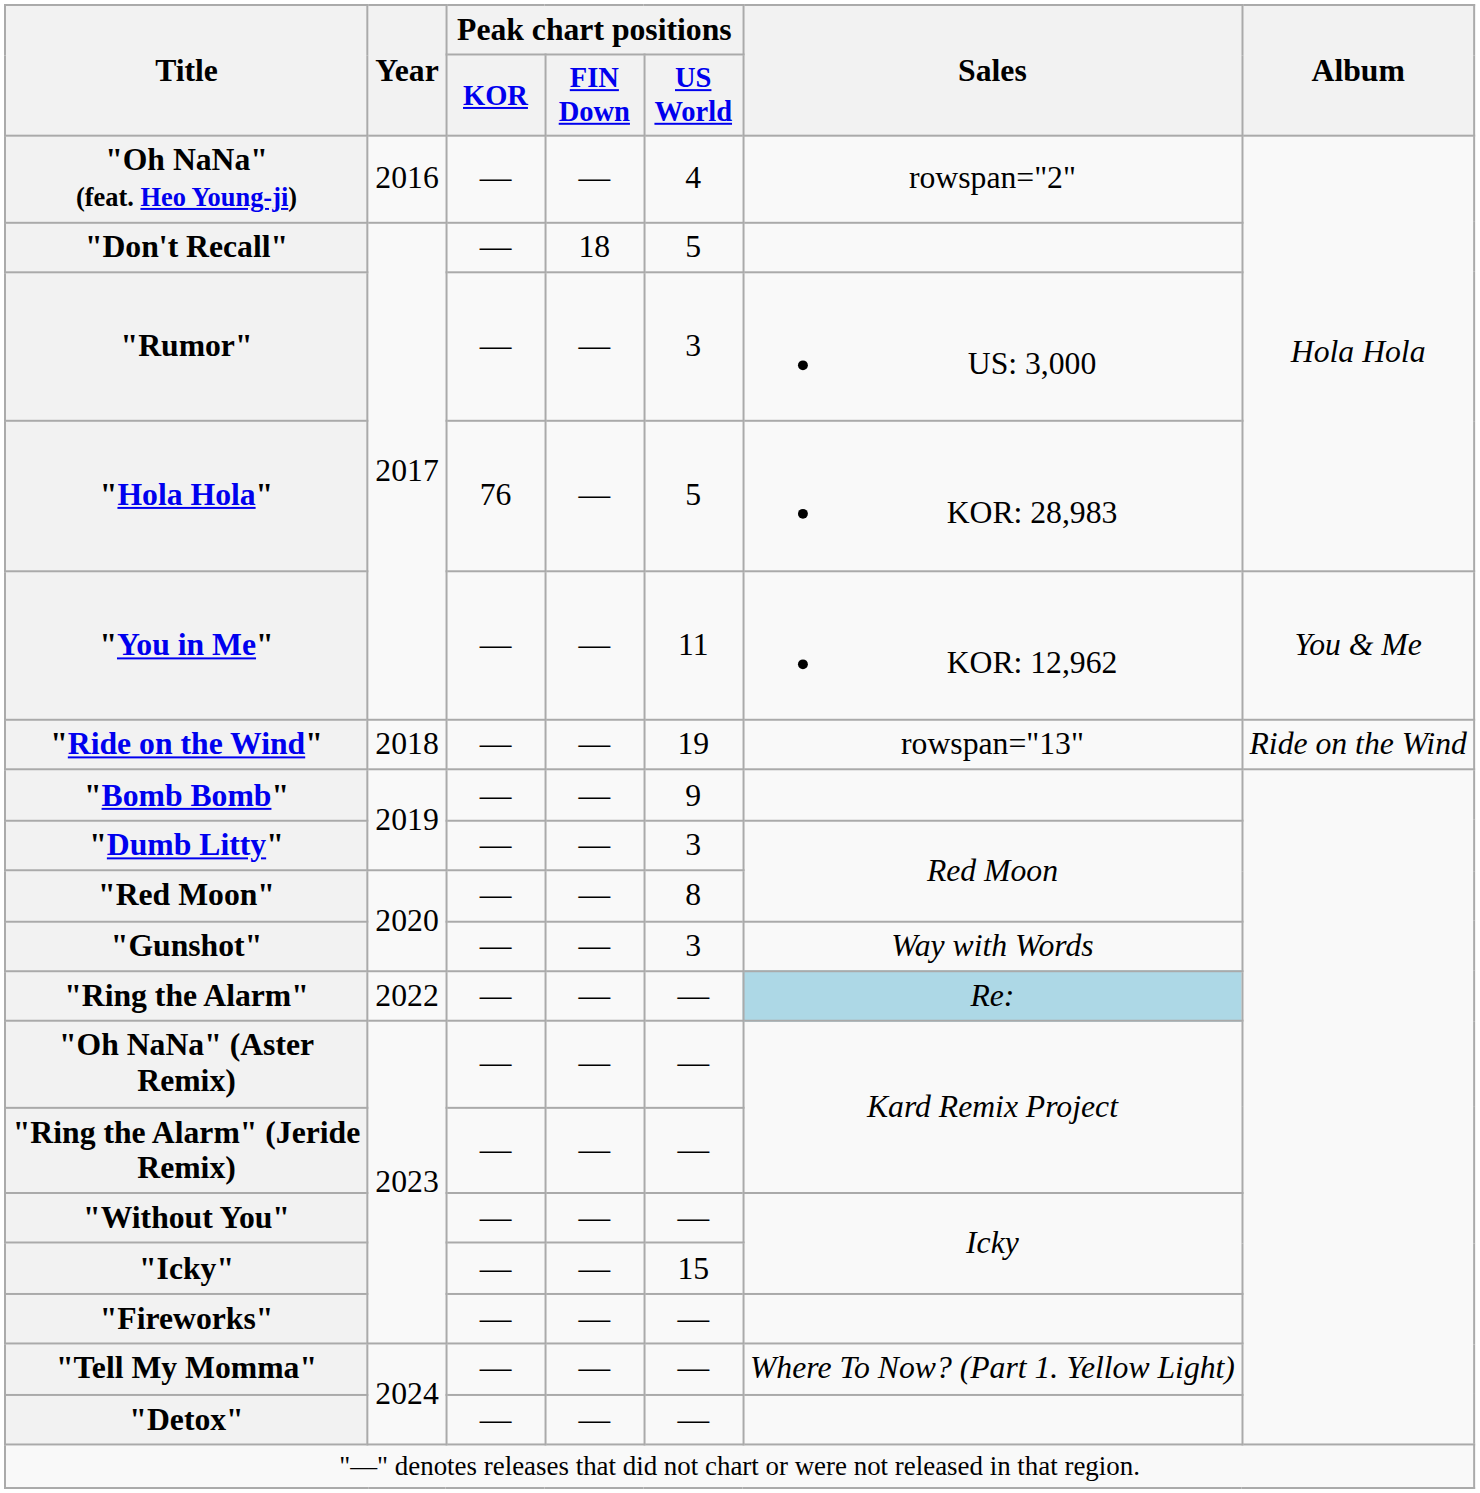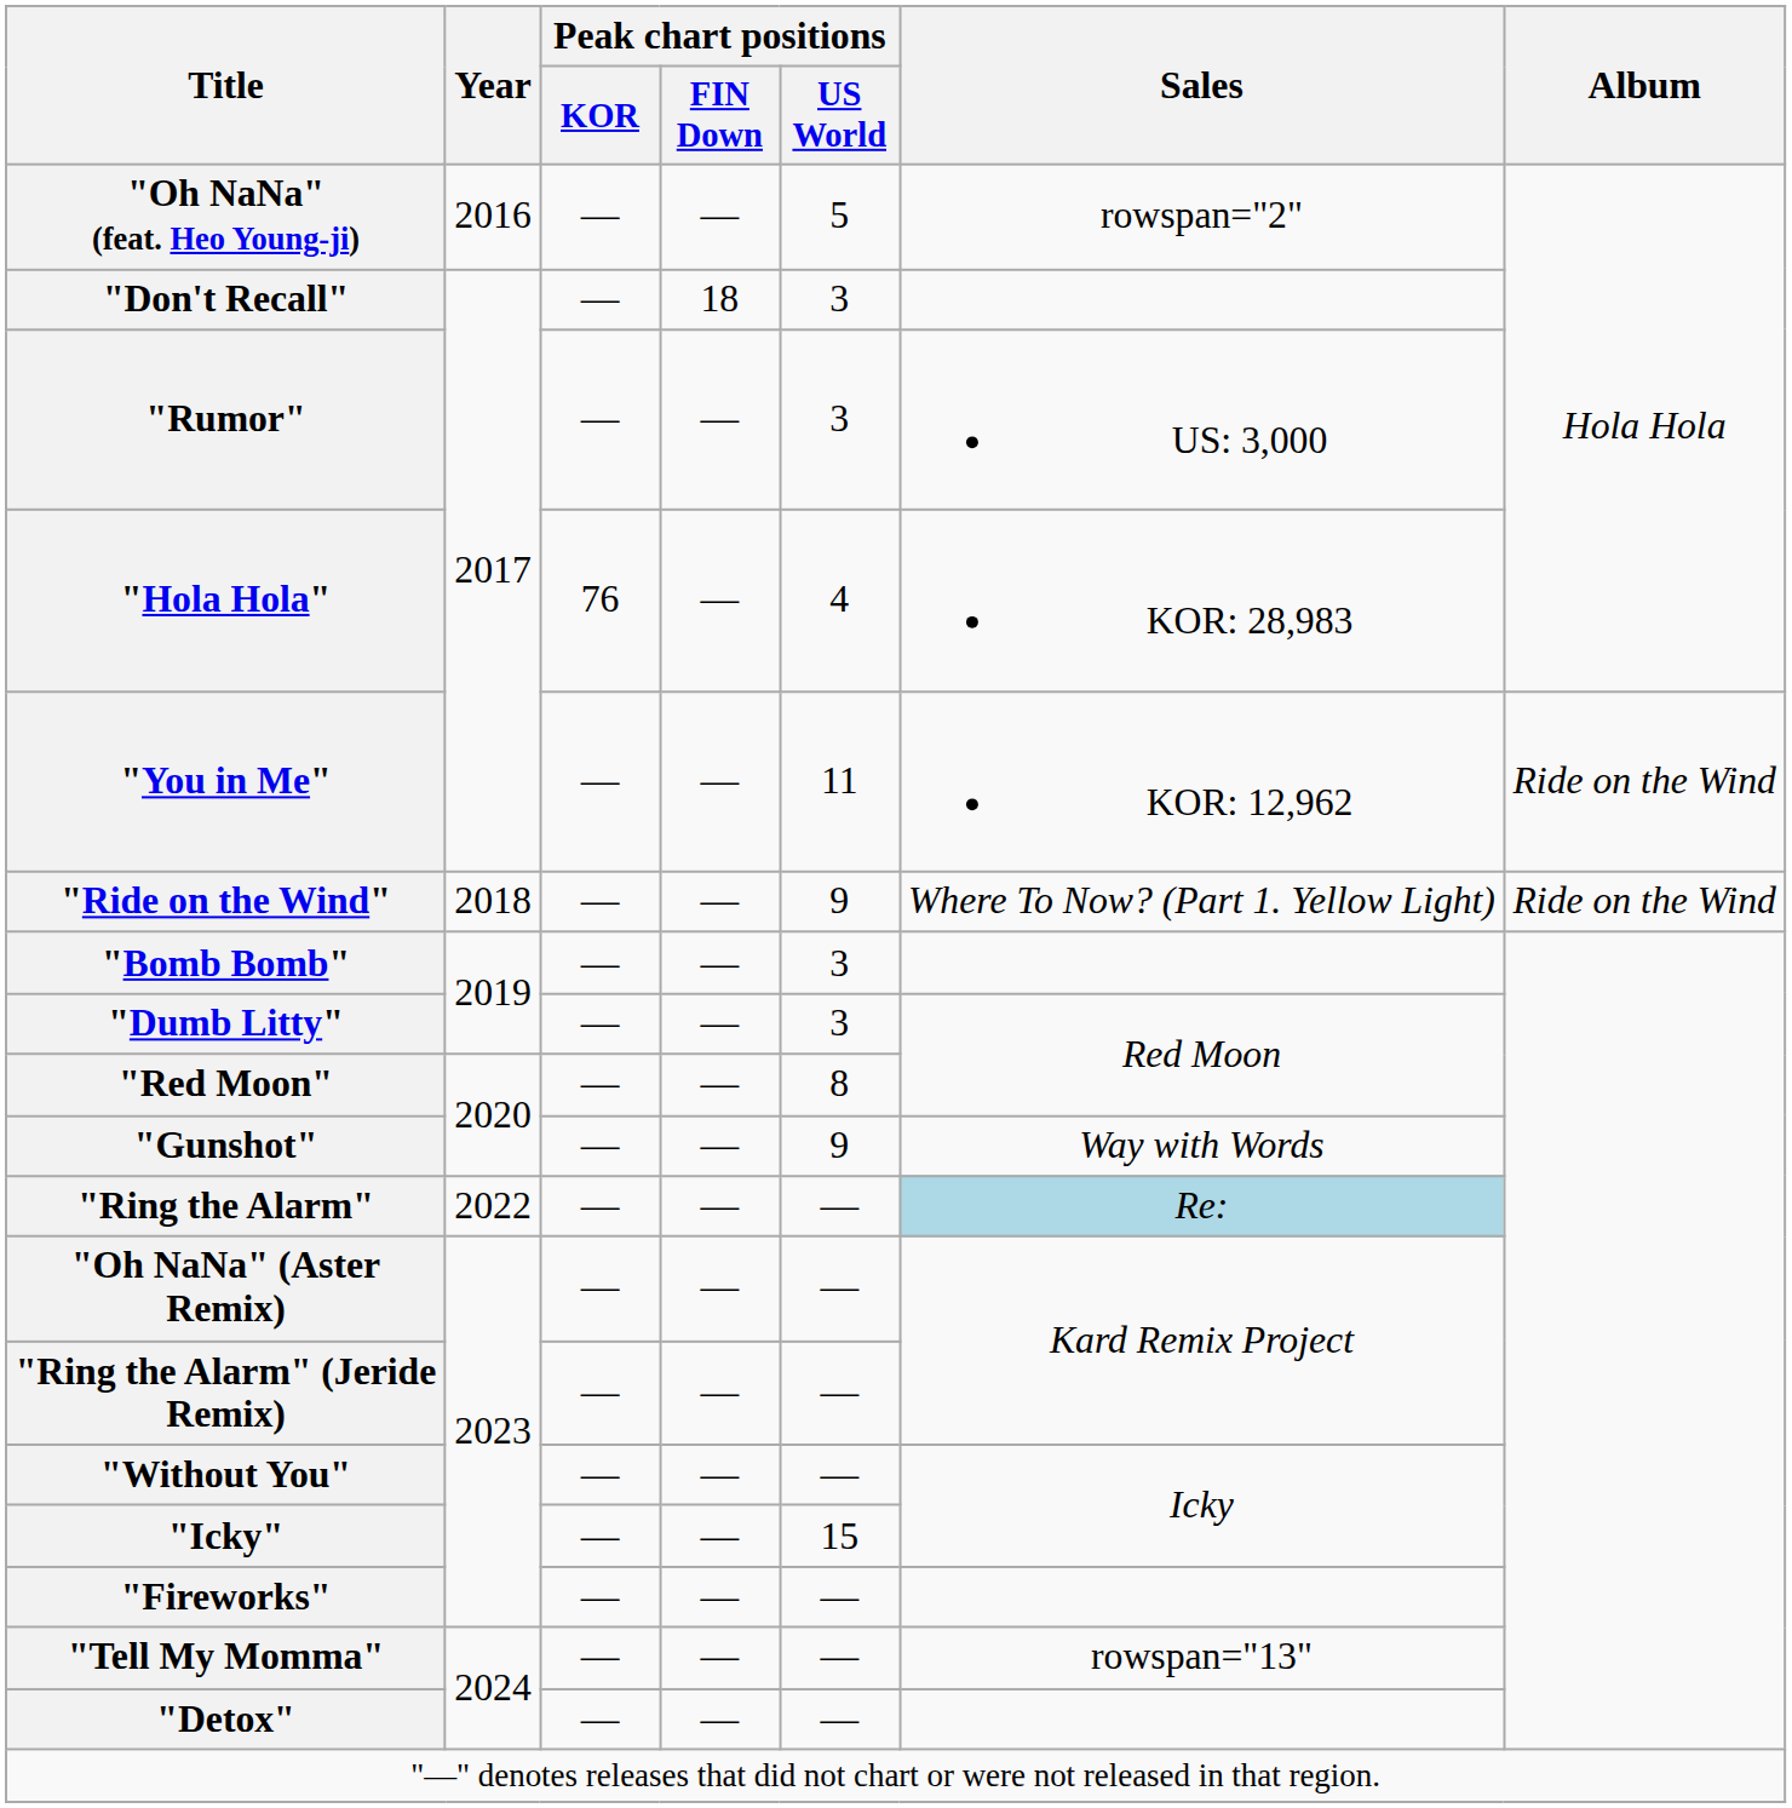 <table class="wikitable plainrowheaders" style="text-align:center;">
 <tr>
 <th scope="col" rowspan="2" style="width:11em;">Title</th>
 <th scope="col" rowspan="2">Year</th>
 <th colspan="3">Peak chart positions</th>
 <th scope="col" rowspan="2">Sales</th>
 <th scope="col" rowspan="2">Album</th>
 </tr>
 <tr>
 <th scope="col" style="width:3em;font-size:90%;"><a href='#'>KOR</a><br></th>
 <th scope="col" style="width:3em;font-size:90%;"><a href='#'>FIN<br>Down</a><br></th>
 <th scope="col" style="width:3em;font-size:90%;"><a href='#'>US World</a><br></th>
 </tr>
 <tr>
 <th scope="row">"Oh NaNa"<br><small>(feat. <a href='#'>Heo Young-ji</a>)</small></th>
 <td>2016</td>
 <td>—</td>
 <td>—</td>
-<td>4</td>
+<td>5</td>
 <td>rowspan="2" </td>
 <td rowspan="4"><em>Hola Hola</em></td>
 </tr>
 <tr>
 <th scope="row">"Don't Recall"</th>
 <td rowspan="4">2017</td>
 <td>—</td>
 <td>18</td>
-<td>5</td>
+<td>3</td>
 </tr>
 <tr>
 <th scope="row">"Rumor"</th>
 <td>—</td>
 <td>—</td>
 <td>3</td>
 <td><br><ul><li>US: 3,000</li></ul></td>
 </tr>
 <tr>
 <th scope="row">"<a href='#'>Hola Hola</a>"</th>
 <td>76</td>
 <td>—</td>
-<td>5</td>
+<td>4</td>
 <td><br><ul><li>KOR: 28,983</li></ul></td>
 </tr>
 <tr>
 <th scope="row">"<a href='#'>You in Me</a>"</th>
 <td>—</td>
 <td>—</td>
 <td>11</td>
 <td><br><ul><li>KOR: 12,962</li></ul></td>
-<td><em>You & Me</em></td>
+<td><em>Ride on the Wind</em></td>
 </tr>
 <tr>
 <th scope="row">"<a href='#'>Ride on the Wind</a>"</th>
 <td>2018</td>
 <td>—</td>
 <td>—</td>
-<td>19</td>
-<td>rowspan="13" </td>
+<td>9</td>
+<td><em>Where To Now? (Part 1. Yellow Light)</em></td>
 <td><em>Ride on the Wind</em></td>
 </tr>
 <tr>
 <th scope="row">"<a href='#'>Bomb Bomb</a>"</th>
 <td rowspan="2">2019</td>
 <td>—</td>
 <td>—</td>
-<td>9</td>
+<td>3</td>
 <td></td>
 </tr>
 <tr>
 <th scope="row">"<a href='#'>Dumb Litty</a>"</th>
 <td>—</td>
 <td>—</td>
 <td>3</td>
 <td rowspan="2"><em>Red Moon</em></td>
 </tr>
 <tr>
 <th scope="row">"Red Moon"</th>
 <td rowspan="2">2020</td>
 <td>—</td>
 <td>—</td>
 <td>8</td>
 </tr>
 <tr>
 <th scope="row">"Gunshot"</th>
 <td>—</td>
 <td>—</td>
-<td>3</td>
+<td>9</td>
 <td><em>Way with Words</em></td>
 </tr>
 <tr>
 <th scope="row">"Ring the Alarm"</th>
 <td>2022</td>
 <td>—</td>
 <td>—</td>
 <td>—</td>
 <td style="background: lightblue;"><em>Re:</em></td>
 </tr>
 <tr>
 <th scope="row">"Oh NaNa" (Aster Remix)</th>
 <td rowspan="5">2023</td>
 <td>—</td>
 <td>—</td>
 <td>—</td>
 <td rowspan="2"><em>Kard Remix Project</em></td>
 </tr>
 <tr>
 <th scope="row">"Ring the Alarm" (Jeride Remix)</th>
 <td>—</td>
 <td>—</td>
 <td>—</td>
 </tr>
 <tr>
 <th scope="row">"Without You"</th>
 <td>—</td>
 <td>—</td>
 <td>—</td>
 <td rowspan="2"><em>Icky</em></td>
 </tr>
 <tr>
 <th scope="row">"Icky"</th>
 <td>—</td>
 <td>—</td>
 <td>15</td>
 </tr>
 <tr>
 <th scope="row">"Fireworks"</th>
 <td>—</td>
 <td>—</td>
 <td>—</td>
 <td></td>
 </tr>
 <tr>
 <th scope="row">"Tell My Momma"</th>
 <td rowspan="2">2024</td>
 <td>—</td>
 <td>—</td>
 <td>—</td>
-<td><em>Where To Now? (Part 1. Yellow Light)</em></td>
+<td>rowspan="13" </td>
 </tr>
 <tr>
 <th scope="row">"Detox"</th>
 <td>—</td>
 <td>—</td>
 <td>—</td>
 <td></td>
 </tr>
 <tr>
 <td colspan="7" style="font-size:85%;">"—" denotes releases that did not chart or were not released in that region.</td>
 </tr>
 </table>
